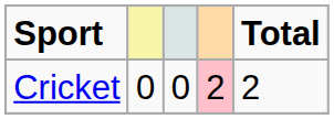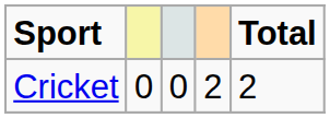 <table class="wikitable sortable"  style="font-size:95%">
 <tr>
 </tr>
 <tr>
 <td><strong>Sport</strong></td>
 <td style="background:#F7F6A8"></td>
 <td style="background:#DCE5E5"></td>
 <td style="background:#FFDBA9"></td>
 <td><strong>Total</strong></td>
 </tr>
 <tr>
 <td><a href='#'>Cricket</a></td>
 <td>0</td>
 <td>0</td>
-<td style="background: pink;">2</td>
+<td>2</td>
 <td>2</td>
 </tr>
 <tr>
 </tr>
 </table>
